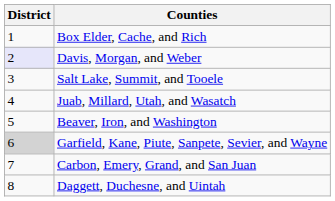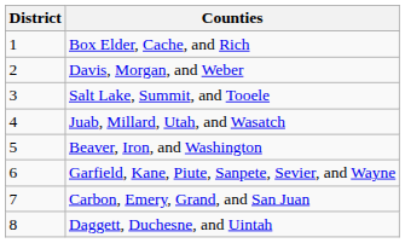 <table class=wikitable>
 <tr>
 <th>District</th>
 <th>Counties</th>
 </tr>
 <tr>
 <td>1</td>
 <td><a href='#'>Box Elder</a>, <a href='#'>Cache</a>, and <a href='#'>Rich</a></td>
 </tr>
 <tr>
-<td style="background: lavender;">2</td>
+<td>2</td>
 <td><a href='#'>Davis</a>, <a href='#'>Morgan</a>, and <a href='#'>Weber</a></td>
 </tr>
 <tr>
 <td>3</td>
 <td><a href='#'>Salt Lake</a>, <a href='#'>Summit</a>, and <a href='#'>Tooele</a></td>
 </tr>
 <tr>
 <td>4</td>
 <td><a href='#'>Juab</a>, <a href='#'>Millard</a>, <a href='#'>Utah</a>, and <a href='#'>Wasatch</a></td>
 </tr>
 <tr>
 <td>5</td>
 <td><a href='#'>Beaver</a>, <a href='#'>Iron</a>, and <a href='#'>Washington</a></td>
 </tr>
 <tr>
-<td style="background: lightgrey;">6</td>
+<td>6</td>
 <td><a href='#'>Garfield</a>, <a href='#'>Kane</a>, <a href='#'>Piute</a>, <a href='#'>Sanpete</a>, <a href='#'>Sevier</a>, and <a href='#'>Wayne</a></td>
 </tr>
 <tr>
 <td>7</td>
 <td><a href='#'>Carbon</a>, <a href='#'>Emery</a>, <a href='#'>Grand</a>, and <a href='#'>San Juan</a></td>
 </tr>
 <tr>
 <td>8</td>
 <td><a href='#'>Daggett</a>, <a href='#'>Duchesne</a>, and <a href='#'>Uintah</a></td>
 </tr>
 </table>
